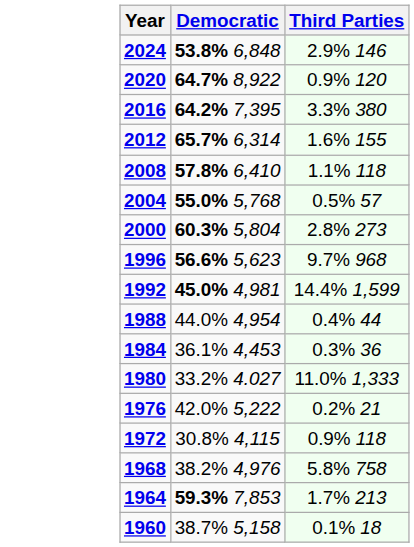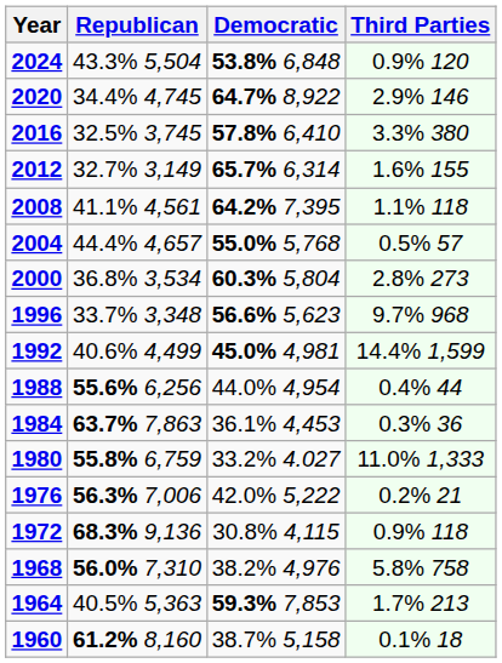 <table class="wikitable" style="float:right; margin: 1em 1em 1em 0; font-size: 95%;">
 <tr>
 <th>Year</th>
+<th><a href='#'>Republican</a></th>
 <th><a href='#'>Democratic</a></th>
 <th><a href='#'>Third Parties</a></th>
 </tr>
 <tr>
 <td style="text-align:center; "><strong><a href='#'>2024</a></strong></td>
+<td style="text-align:center; ">43.3% <em>5,504</em></td>
 <td style="text-align:center; "><strong>53.8%</strong> <em>6,848</em></td>
+<td style="text-align:center; background:honeyDew;">0.9% <em>120</em></td>
+</tr>
+<tr>
+<td style="text-align:center; "><strong><a href='#'>2020</a></strong></td>
+<td style="text-align:center; ">34.4% <em>4,745</em></td>
+<td style="text-align:center; "><strong>64.7%</strong>  <em>8,922</em></td>
 <td style="text-align:center; background:honeyDew;">2.9% <em>146</em></td>
 </tr>
 <tr>
-<td style="text-align:center; "><strong><a href='#'>2020</a></strong></td>
-<td style="text-align:center; "><strong>64.7%</strong>  <em>8,922</em></td>
-<td style="text-align:center; background:honeyDew;">0.9% <em>120</em></td>
-</tr>
-<tr>
 <td style="text-align:center; "><strong><a href='#'>2016</a></strong></td>
-<td style="text-align:center; "><strong>64.2%</strong>  <em>7,395</em></td>
+<td style="text-align:center; ">32.5% <em>3,745</em></td>
+<td style="text-align:center; "><strong>57.8%</strong>  <em>6,410</em></td>
 <td style="text-align:center; background:honeyDew;">3.3% <em>380</em></td>
 </tr>
 <tr>
 <td style="text-align:center; "><strong><a href='#'>2012</a></strong></td>
+<td style="text-align:center; ">32.7% <em>3,149</em></td>
 <td style="text-align:center; "><strong>65.7%</strong>  <em>6,314</em></td>
 <td style="text-align:center; background:honeyDew;">1.6% <em>155</em></td>
 </tr>
 <tr>
 <td style="text-align:center; "><strong><a href='#'>2008</a></strong></td>
-<td style="text-align:center; "><strong>57.8%</strong>  <em>6,410</em></td>
+<td style="text-align:center; ">41.1% <em>4,561</em></td>
+<td style="text-align:center; "><strong>64.2%</strong>  <em>7,395</em></td>
 <td style="text-align:center; background:honeyDew;">1.1% <em>118</em></td>
 </tr>
 <tr>
 <td style="text-align:center; "><strong><a href='#'>2004</a></strong></td>
+<td style="text-align:center; ">44.4% <em>4,657</em></td>
 <td style="text-align:center; "><strong>55.0%</strong>  <em>5,768</em></td>
 <td style="text-align:center; background:honeyDew;">0.5% <em>57</em></td>
 </tr>
 <tr>
 <td style="text-align:center; "><strong><a href='#'>2000</a></strong></td>
+<td style="text-align:center; ">36.8% <em>3,534</em></td>
 <td style="text-align:center; "><strong>60.3%</strong>  <em>5,804</em></td>
 <td style="text-align:center; background:honeyDew;">2.8% <em>273</em></td>
 </tr>
 <tr>
 <td style="text-align:center; "><strong><a href='#'>1996</a></strong></td>
+<td style="text-align:center; ">33.7% <em>3,348</em></td>
 <td style="text-align:center; "><strong>56.6%</strong>  <em>5,623</em></td>
 <td style="text-align:center; background:honeyDew;">9.7% <em>968</em></td>
 </tr>
 <tr>
 <td style="text-align:center; "><strong><a href='#'>1992</a></strong></td>
+<td style="text-align:center; ">40.6% <em>4,499</em></td>
 <td style="text-align:center; "><strong>45.0%</strong>  <em>4,981</em></td>
 <td style="text-align:center; background:honeyDew;">14.4% <em>1,599</em></td>
 </tr>
 <tr>
 <td style="text-align:center; "><strong><a href='#'>1988</a></strong></td>
+<td style="text-align:center; "><strong>55.6%</strong> <em>6,256</em></td>
 <td style="text-align:center; ">44.0%  <em>4,954</em></td>
 <td style="text-align:center; background:honeyDew;">0.4% <em>44</em></td>
 </tr>
 <tr>
 <td style="text-align:center; "><strong><a href='#'>1984</a></strong></td>
+<td style="text-align:center; "><strong>63.7%</strong> <em>7,863</em></td>
 <td style="text-align:center; ">36.1%  <em>4,453</em></td>
 <td style="text-align:center; background:honeyDew;">0.3% <em>36</em></td>
 </tr>
 <tr>
 <td style="text-align:center; "><strong><a href='#'>1980</a></strong></td>
+<td style="text-align:center; "><strong>55.8%</strong> <em>6,759</em></td>
 <td style="text-align:center; ">33.2%  <em>4.027</em></td>
 <td style="text-align:center; background:honeyDew;">11.0% <em>1,333</em></td>
 </tr>
 <tr>
 <td style="text-align:center; "><strong><a href='#'>1976</a></strong></td>
+<td style="text-align:center; "><strong>56.3%</strong> <em>7,006</em></td>
 <td style="text-align:center; ">42.0%  <em>5,222</em></td>
 <td style="text-align:center; background:honeyDew;">0.2% <em>21</em></td>
 </tr>
 <tr>
 <td style="text-align:center; "><strong><a href='#'>1972</a></strong></td>
+<td style="text-align:center; "><strong>68.3%</strong> <em>9,136</em></td>
 <td style="text-align:center; ">30.8%  <em>4,115</em></td>
 <td style="text-align:center; background:honeyDew;">0.9% <em>118</em></td>
 </tr>
 <tr>
 <td style="text-align:center; "><strong><a href='#'>1968</a></strong></td>
+<td style="text-align:center; "><strong>56.0%</strong> <em>7,310</em></td>
 <td style="text-align:center; ">38.2%  <em>4,976</em></td>
 <td style="text-align:center; background:honeyDew;">5.8% <em>758</em></td>
 </tr>
 <tr>
 <td style="text-align:center; "><strong><a href='#'>1964</a></strong></td>
+<td style="text-align:center; ">40.5% <em>5,363</em></td>
 <td style="text-align:center; "><strong>59.3%</strong>  <em>7,853</em></td>
 <td style="text-align:center; background:honeyDew;">1.7% <em>213</em></td>
 </tr>
 <tr>
 <td style="text-align:center; "><strong><a href='#'>1960</a></strong></td>
+<td style="text-align:center; "><strong>61.2%</strong> <em>8,160</em></td>
 <td style="text-align:center; ">38.7%  <em>5,158</em></td>
 <td style="text-align:center; background:honeyDew;">0.1% <em>18</em></td>
 </tr>
 </table>
